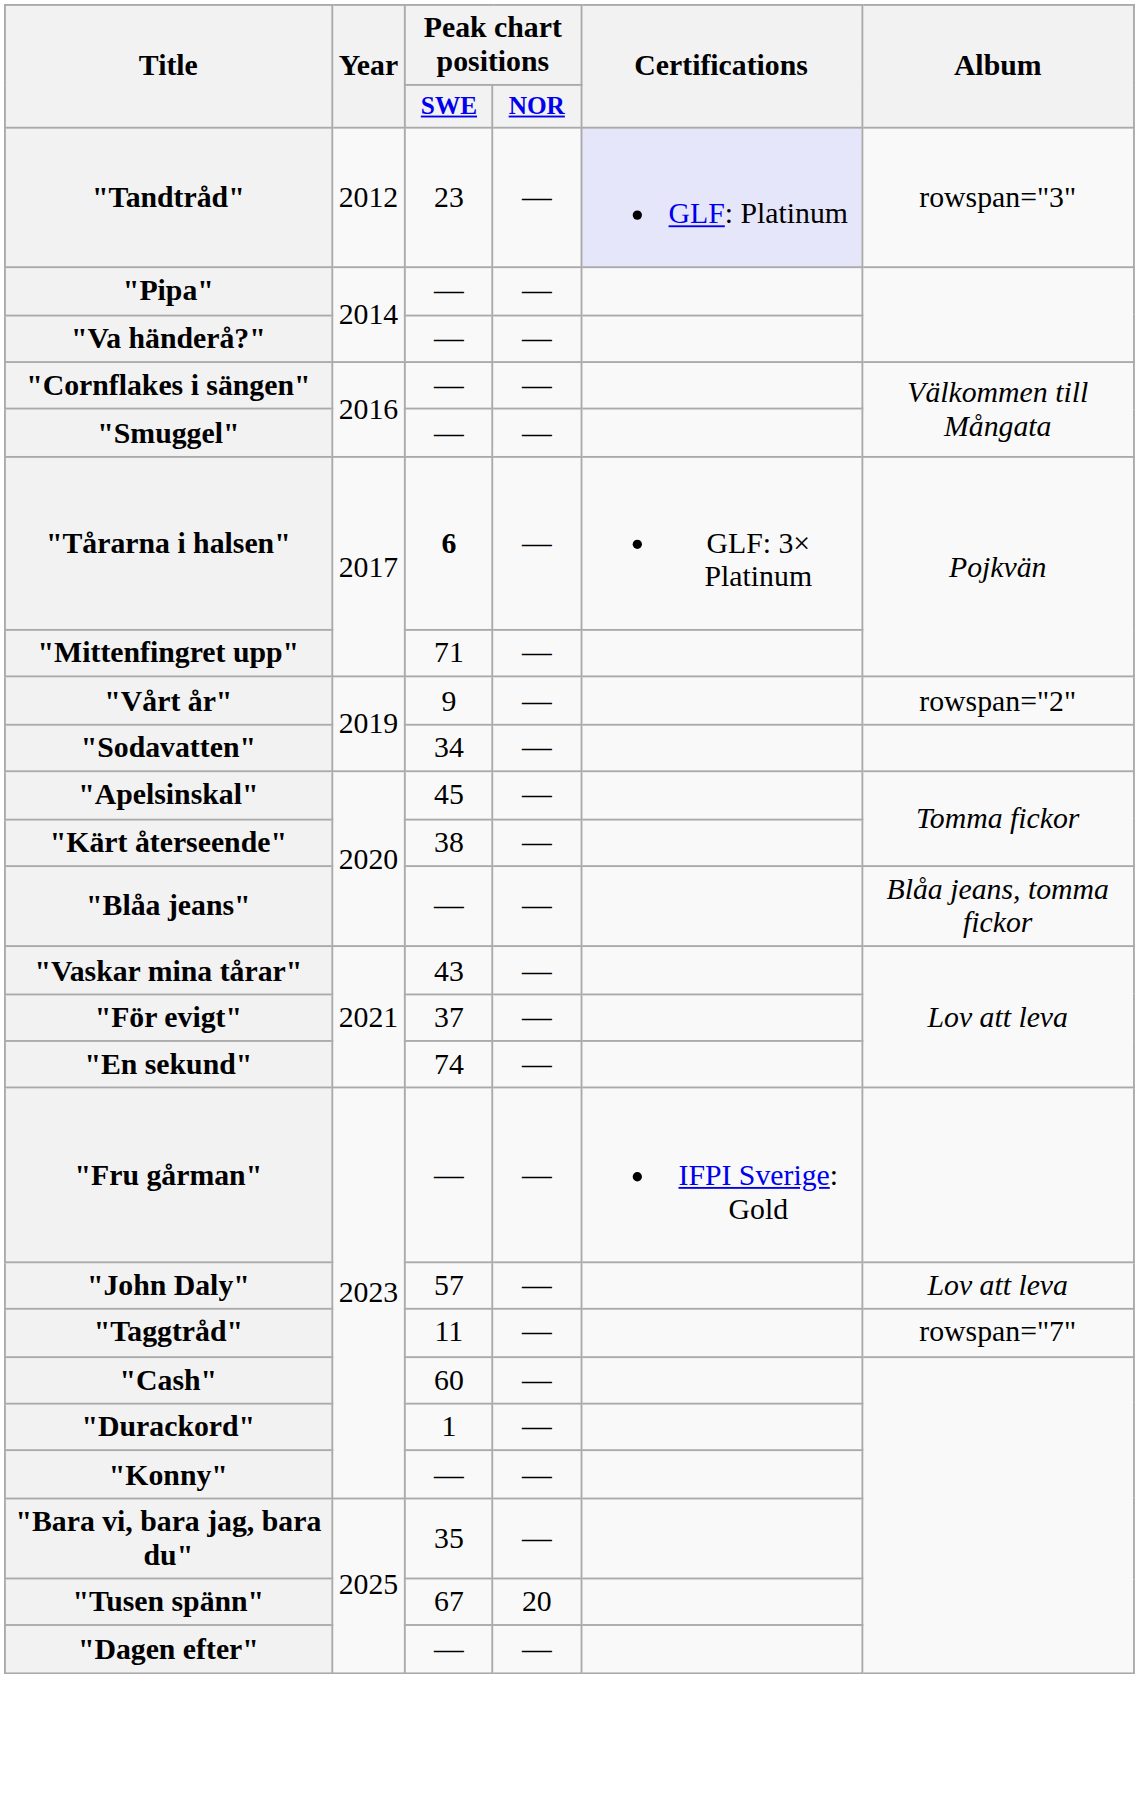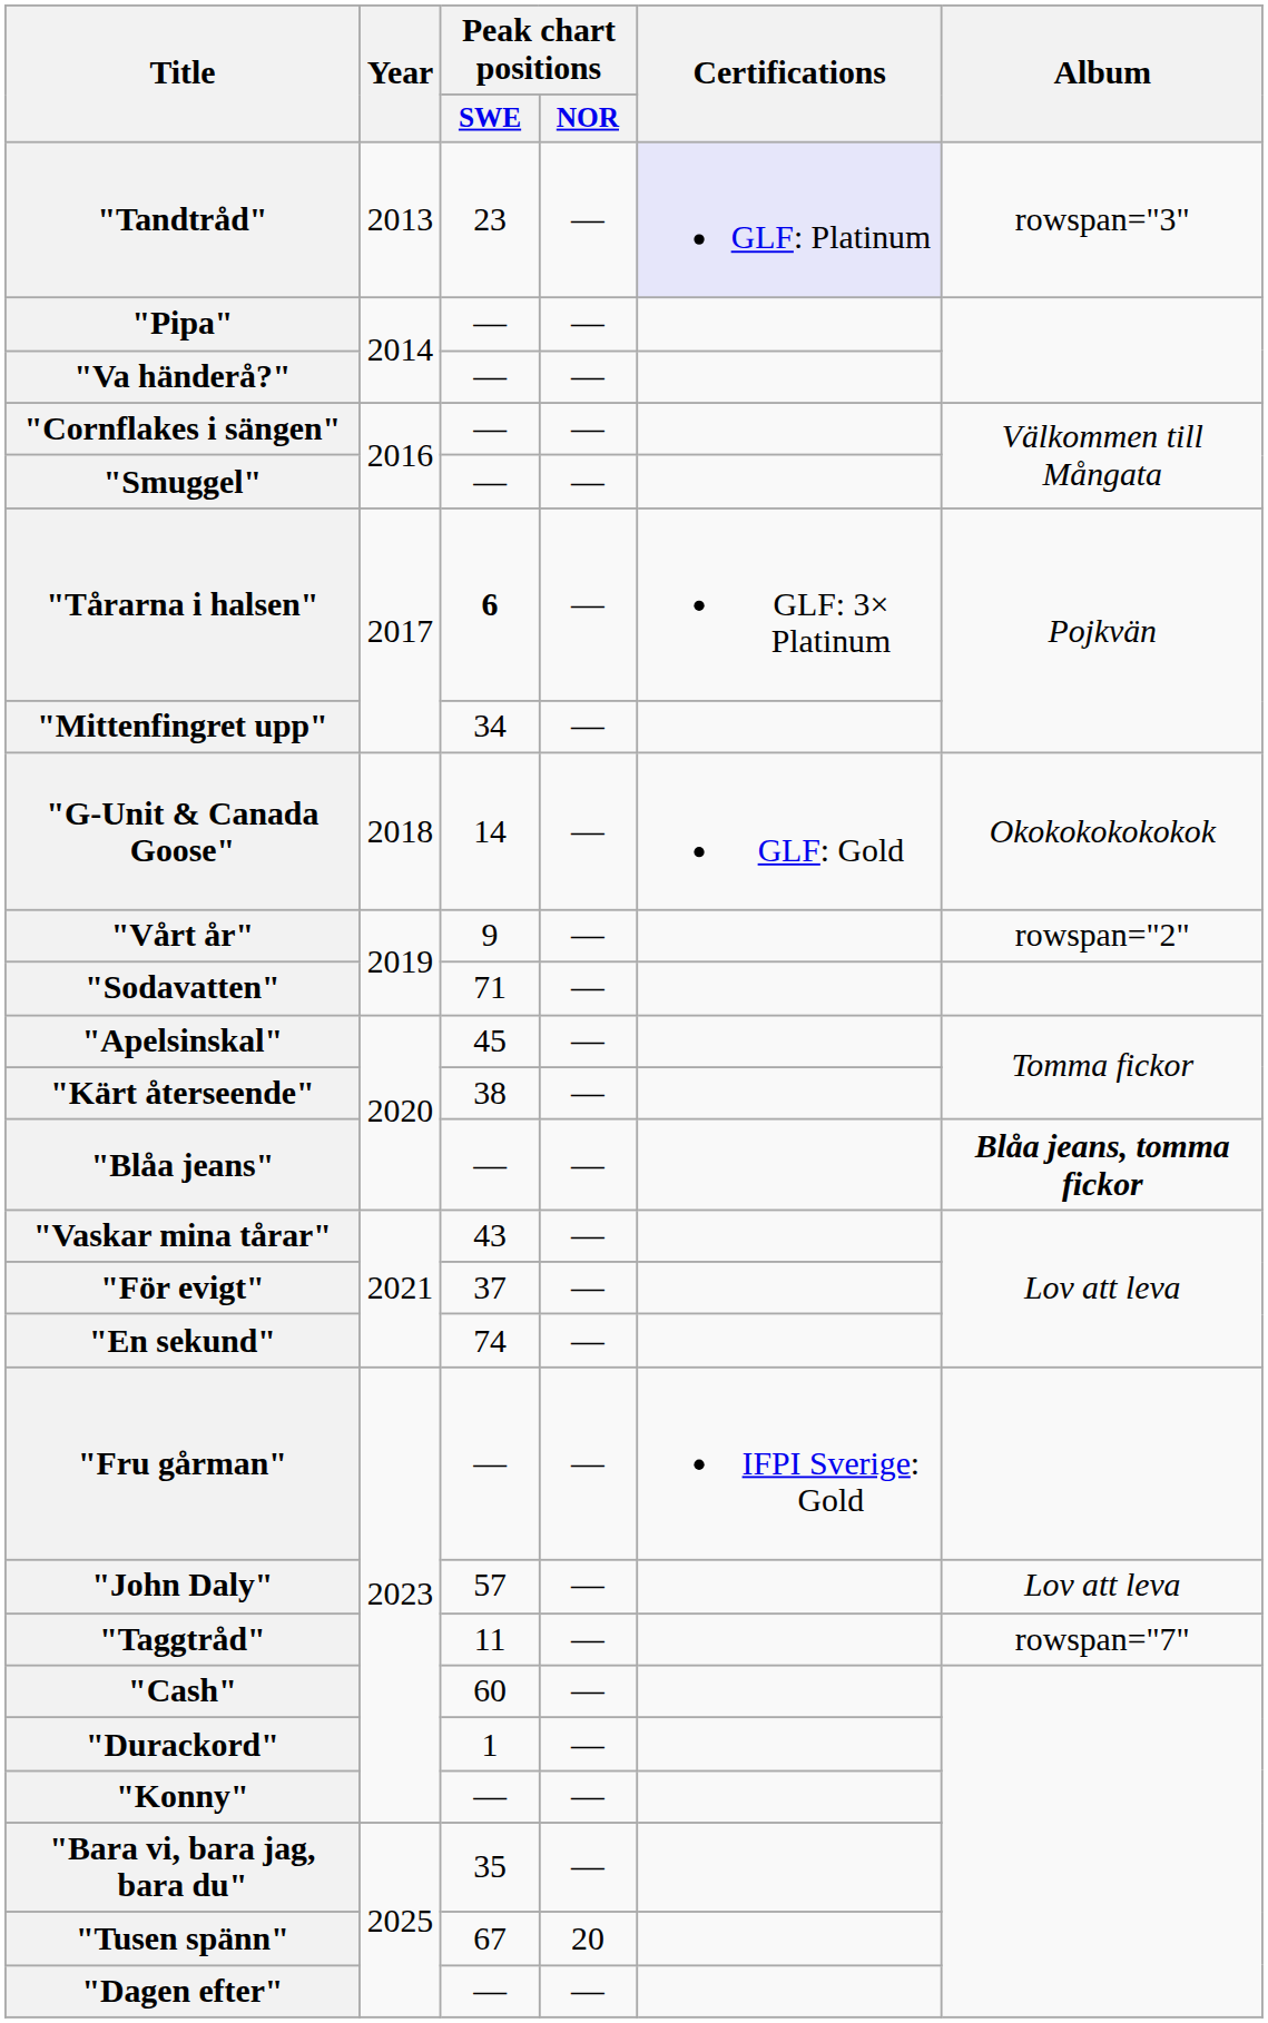 <table class="wikitable plainrowheaders" style="text-align:center;">
 <tr>
 <th scope="col" rowspan="2">Title</th>
 <th scope="col" rowspan="2">Year</th>
 <th scope="col" colspan="2">Peak chart positions</th>
 <th scope="col" rowspan="2">Certifications</th>
 <th scope="col" rowspan="2">Album</th>
 </tr>
 <tr>
 <th scope="col" style="width:3em;font-size:85%;"><a href='#'>SWE</a><br></th>
 <th scope="col" style="width:3em;font-size:85%;"><a href='#'>NOR</a><br></th>
 </tr>
 <tr>
 <th scope="row">"Tandtråd"</th>
-<td>2012</td>
+<td>2013</td>
 <td>23</td>
 <td>—</td>
 <td style="background: lavender;"><br><ul><li><a href='#'>GLF</a>: Platinum</li></ul></td>
 <td>rowspan="3" </td>
 </tr>
 <tr>
 <th scope="row">"Pipa"<br></th>
 <td rowspan="2">2014</td>
 <td>—</td>
 <td>—</td>
 <td></td>
 </tr>
 <tr>
 <th scope="row">"Va händerå?"</th>
 <td>—</td>
 <td>—</td>
 <td></td>
 </tr>
 <tr>
 <th scope="row">"Cornflakes i sängen"</th>
 <td rowspan="2">2016</td>
 <td>—</td>
 <td>—</td>
 <td></td>
 <td rowspan="2"><em>Välkommen till Mångata</em></td>
 </tr>
 <tr>
 <th scope="row">"Smuggel"</th>
 <td>—</td>
 <td>—</td>
 <td></td>
 </tr>
 <tr>
 <th scope="row">"Tårarna i halsen"</th>
 <td rowspan="2">2017</td>
 <td><strong>6</strong></td>
 <td>—</td>
 <td><br><ul><li>GLF: 3× Platinum</li></ul></td>
 <td rowspan="2"><em>Pojkvän</em></td>
 </tr>
 <tr>
 <th scope="row">"Mittenfingret upp"</th>
-<td>71</td>
+<td>34<br></td>
 <td>—</td>
 <td></td>
+</tr>
+<tr>
+<th scope="row">"G-Unit & Canada Goose"</th>
+<td>2018</td>
+<td>14</td>
+<td>—</td>
+<td><br><ul><li><a href='#'>GLF</a>: Gold</li></ul></td>
+<td><em>Okokokokokokok</em></td>
 </tr>
 <tr>
 <th scope="row">"Vårt år"<br></th>
 <td rowspan="2">2019</td>
 <td>9<br></td>
 <td>—</td>
 <td></td>
 <td>rowspan="2" </td>
 </tr>
 <tr>
 <th scope="row">"Sodavatten"<br></th>
-<td>34<br></td>
+<td>71</td>
 <td>—</td>
 <td></td>
 </tr>
 <tr>
 <th scope="row">"Apelsinskal"<br></th>
 <td rowspan="3">2020</td>
 <td>45<br></td>
 <td>—</td>
 <td></td>
 <td rowspan = "2"><em>Tomma fickor</em></td>
 </tr>
 <tr>
 <th scope="row">"Kärt återseende"</th>
 <td>38<br></td>
 <td>—</td>
 <td></td>
 </tr>
 <tr>
 <th scope="row">"Blåa jeans"</th>
 <td>—</td>
 <td>—</td>
 <td></td>
-<td><em>Blåa jeans, tomma fickor</em></td>
+<td><strong><em>Blåa jeans, tomma fickor</em></strong></td>
 </tr>
 <tr>
 <th scope="row">"Vaskar mina tårar"</th>
 <td rowspan="3">2021</td>
 <td>43<br></td>
 <td>—</td>
 <td></td>
 <td rowspan="3"><em>Lov att leva</em></td>
 </tr>
 <tr>
 <th scope="row">"För evigt"</th>
 <td>37<br></td>
 <td>—</td>
 <td></td>
 </tr>
 <tr>
 <th scope="row">"En sekund"<br></th>
 <td>74<br></td>
 <td>—</td>
 <td></td>
 </tr>
 <tr>
 <th scope="row">"Fru gårman"</th>
 <td rowspan="6">2023</td>
 <td>—</td>
 <td>—</td>
 <td><br><ul><li><a href='#'>IFPI Sverige</a>: Gold</li></ul></td>
 <td></td>
 </tr>
 <tr>
 <th scope="row">"John Daly"</th>
 <td>57<br></td>
 <td>—</td>
 <td></td>
 <td><em>Lov att leva</em></td>
 </tr>
 <tr>
 <th scope="row">"Taggtråd"<br></th>
 <td>11<br></td>
 <td>—</td>
 <td></td>
 <td>rowspan="7" </td>
 </tr>
 <tr>
 <th scope="row">"Cash"</th>
 <td>60<br></td>
 <td>—</td>
 <td></td>
 </tr>
 <tr>
 <th scope="row">"Durackord"<br></th>
 <td>1<br></td>
 <td>—</td>
 <td></td>
 </tr>
 <tr>
 <th scope="row">"Konny"<br></th>
 <td>—</td>
 <td>—</td>
 <td></td>
 </tr>
 <tr>
 <th scope="row">"Bara vi, bara jag, bara du"<br></th>
 <td rowspan="3">2025</td>
 <td>35<br></td>
 <td>—</td>
 <td></td>
 </tr>
 <tr>
 <th scope="row">"Tusen spänn"<br></th>
 <td>67<br></td>
 <td>20</td>
 <td></td>
 </tr>
 <tr>
 <th scope="row">"Dagen efter"</th>
 <td>—</td>
 <td>—</td>
 <td></td>
 </tr>
 </table>
